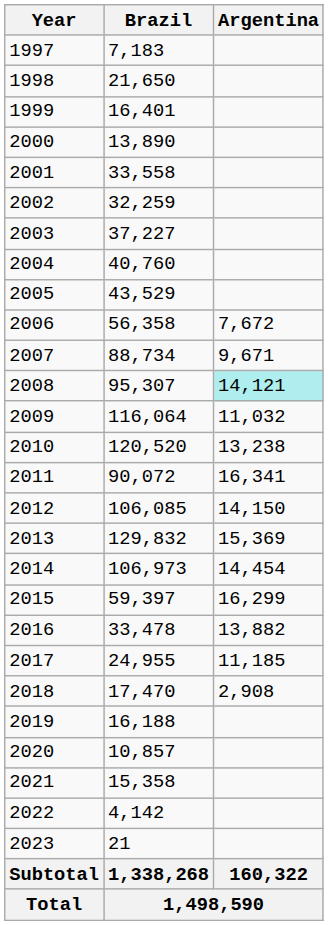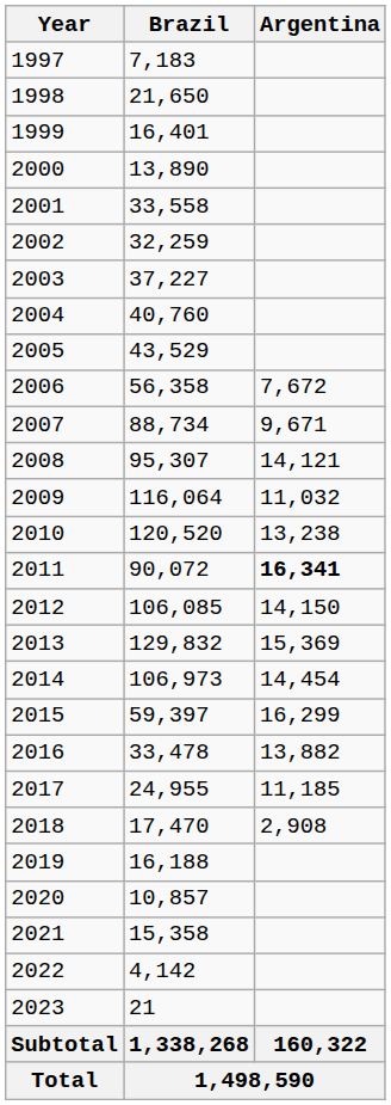 <table class="wikitable">
 <tr>
 <th>Year</th>
 <th>Brazil</th>
 <th>Argentina</th>
 </tr>
 <tr>
 <td>1997</td>
 <td>7,183</td>
 <td></td>
 </tr>
 <tr>
 <td>1998</td>
 <td>21,650</td>
 <td></td>
 </tr>
 <tr>
 <td>1999</td>
 <td>16,401</td>
 <td></td>
 </tr>
 <tr>
 <td>2000</td>
 <td>13,890</td>
 <td></td>
 </tr>
 <tr>
 <td>2001</td>
 <td>33,558</td>
 <td></td>
 </tr>
 <tr>
 <td>2002</td>
 <td>32,259</td>
 <td></td>
 </tr>
 <tr>
 <td>2003</td>
 <td>37,227</td>
 <td></td>
 </tr>
 <tr>
 <td>2004</td>
 <td>40,760</td>
 <td></td>
 </tr>
 <tr>
 <td>2005</td>
 <td>43,529</td>
 <td></td>
 </tr>
 <tr>
 <td>2006</td>
 <td>56,358</td>
 <td>7,672</td>
 </tr>
 <tr>
 <td>2007</td>
 <td>88,734</td>
 <td>9,671</td>
 </tr>
 <tr>
 <td>2008</td>
 <td>95,307</td>
-<td style="background: paleturquoise;">14,121</td>
+<td>14,121</td>
 </tr>
 <tr>
 <td>2009</td>
 <td>116,064</td>
 <td>11,032</td>
 </tr>
 <tr>
 <td>2010</td>
 <td>120,520</td>
 <td>13,238</td>
 </tr>
 <tr>
 <td>2011</td>
 <td>90,072</td>
-<td>16,341</td>
+<td><strong>16,341</strong></td>
 </tr>
 <tr>
 <td>2012</td>
 <td>106,085</td>
 <td>14,150</td>
 </tr>
 <tr>
 <td>2013</td>
 <td>129,832</td>
 <td>15,369</td>
 </tr>
 <tr>
 <td>2014</td>
 <td>106,973</td>
 <td>14,454</td>
 </tr>
 <tr>
 <td>2015</td>
 <td>59,397</td>
 <td>16,299</td>
 </tr>
 <tr>
 <td>2016</td>
 <td>33,478</td>
 <td>13,882</td>
 </tr>
 <tr>
 <td>2017</td>
 <td>24,955</td>
 <td>11,185</td>
 </tr>
 <tr>
 <td>2018</td>
 <td>17,470</td>
 <td>2,908</td>
 </tr>
 <tr>
 <td>2019</td>
 <td>16,188</td>
 <td></td>
 </tr>
 <tr>
 <td>2020</td>
 <td>10,857</td>
 <td></td>
 </tr>
 <tr>
 <td>2021</td>
 <td>15,358</td>
 <td></td>
 </tr>
 <tr>
 <td>2022</td>
 <td>4,142</td>
 <td></td>
 </tr>
 <tr>
 <td>2023</td>
 <td>21</td>
 <td></td>
 </tr>
 <tr>
 <th>Subtotal</th>
 <th>1,338,268</th>
 <th>160,322</th>
 </tr>
 <tr>
 <th>Total</th>
 <th colspan = "2" style="text-align:center">1,498,590</th>
 </tr>
 <tr>
 </tr>
 </table>
